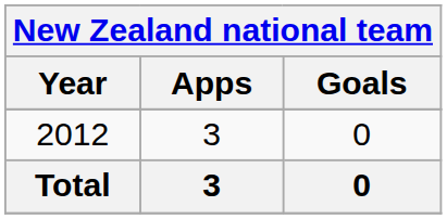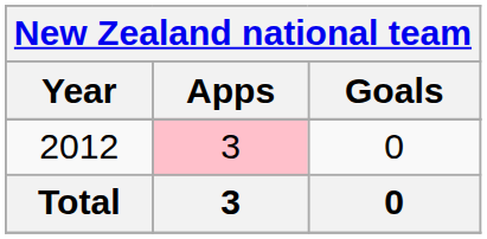 <table class="wikitable" style="text-align:center">
 <tr>
 <th colspan=3><a href='#'>New Zealand national team</a></th>
 </tr>
 <tr>
 <th>Year</th>
 <th>Apps</th>
 <th>Goals</th>
 </tr>
 <tr>
 </tr>
 <tr>
 <td>2012</td>
-<td>3</td>
+<td style="background: pink;">3</td>
 <td>0</td>
 </tr>
 <tr>
 <th>Total</th>
 <th>3</th>
 <th>0</th>
 </tr>
 <tr>
 </tr>
 </table>
